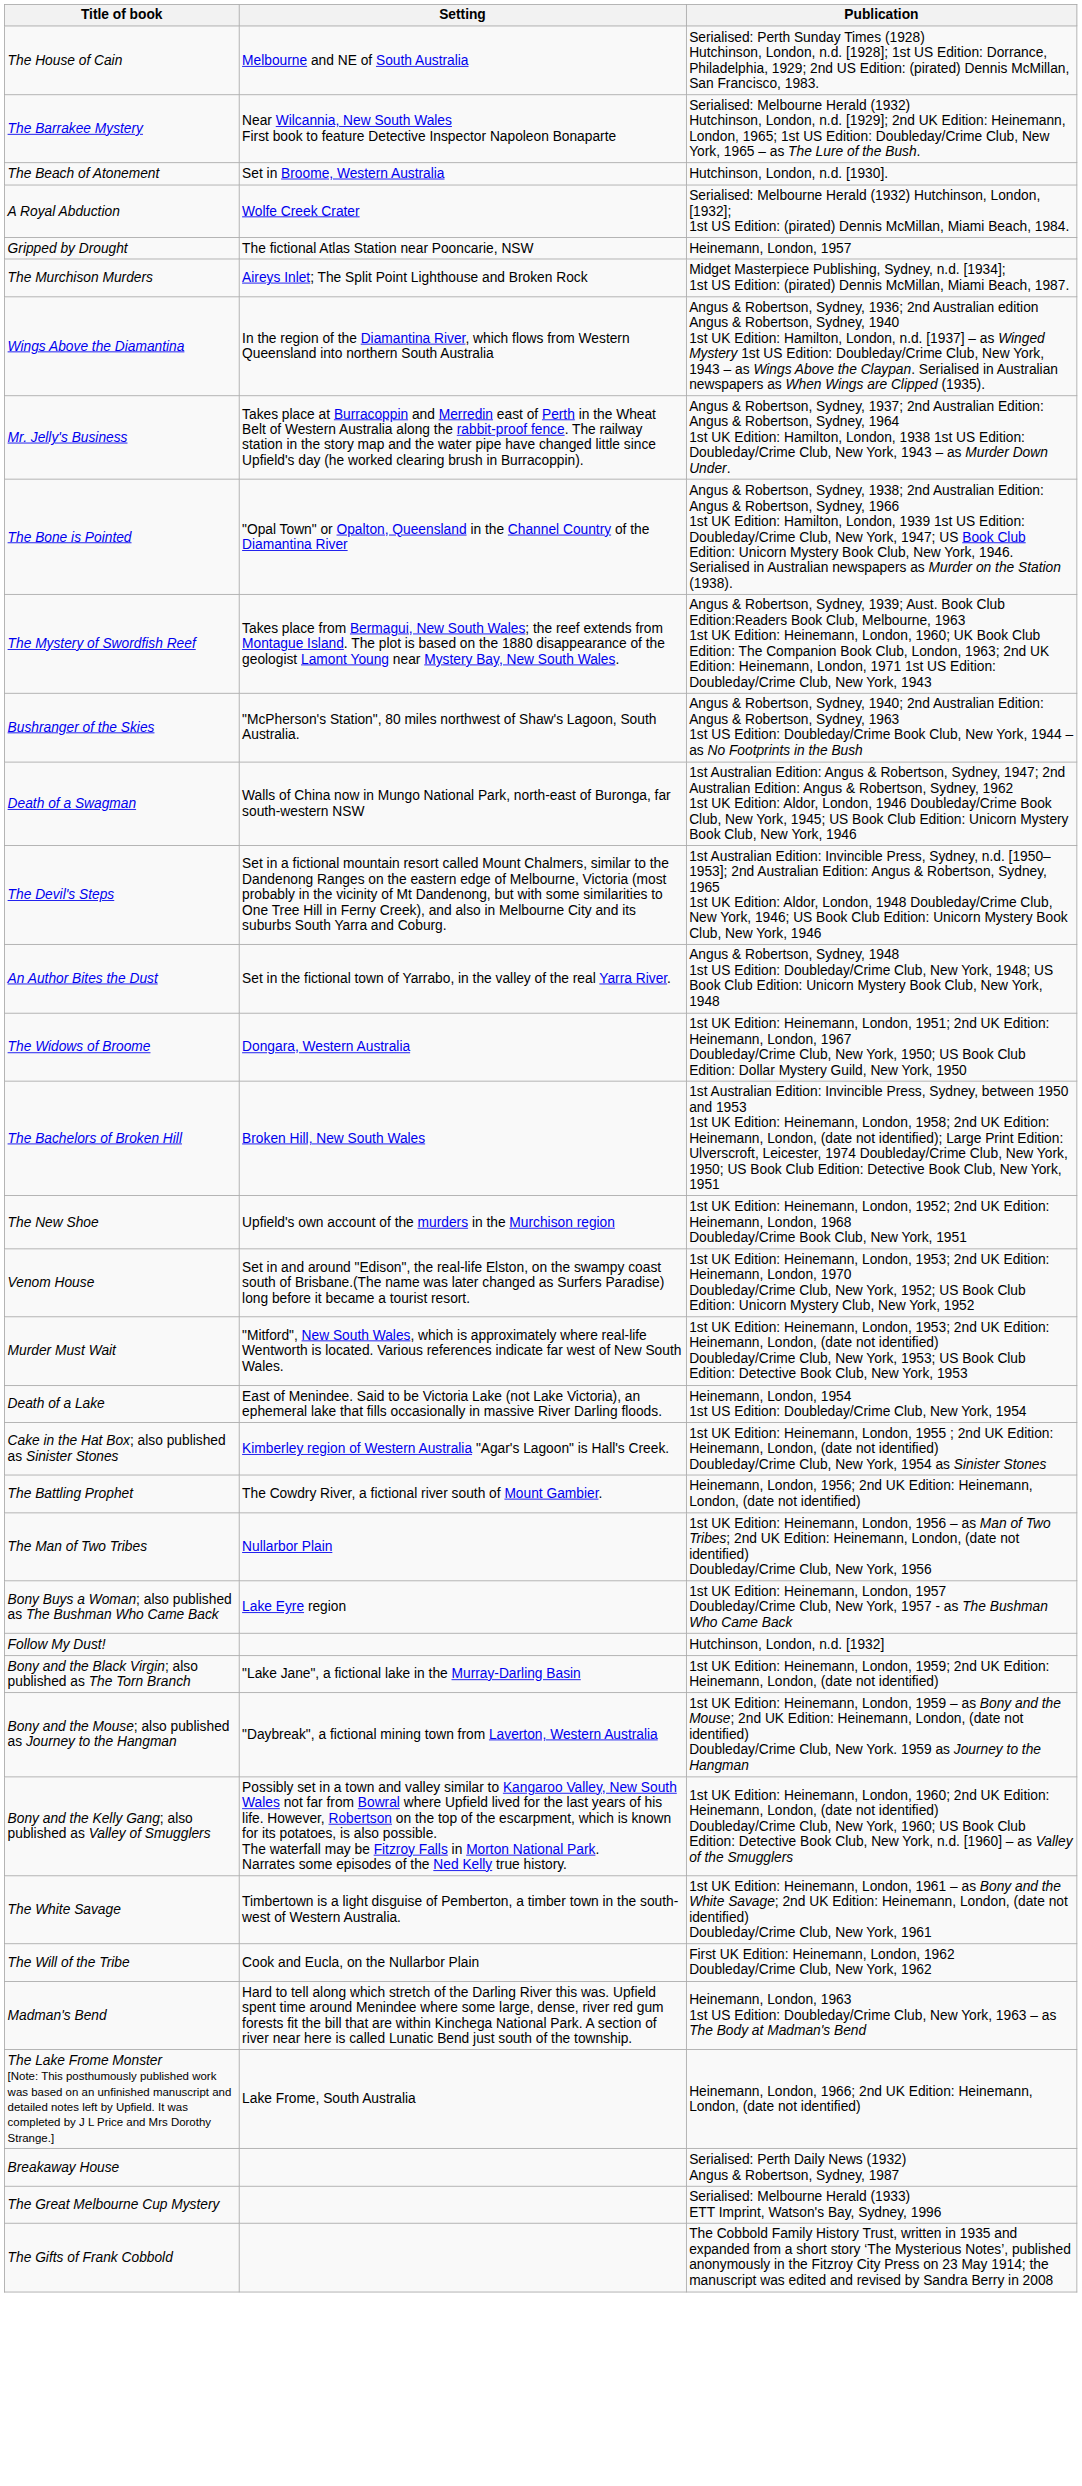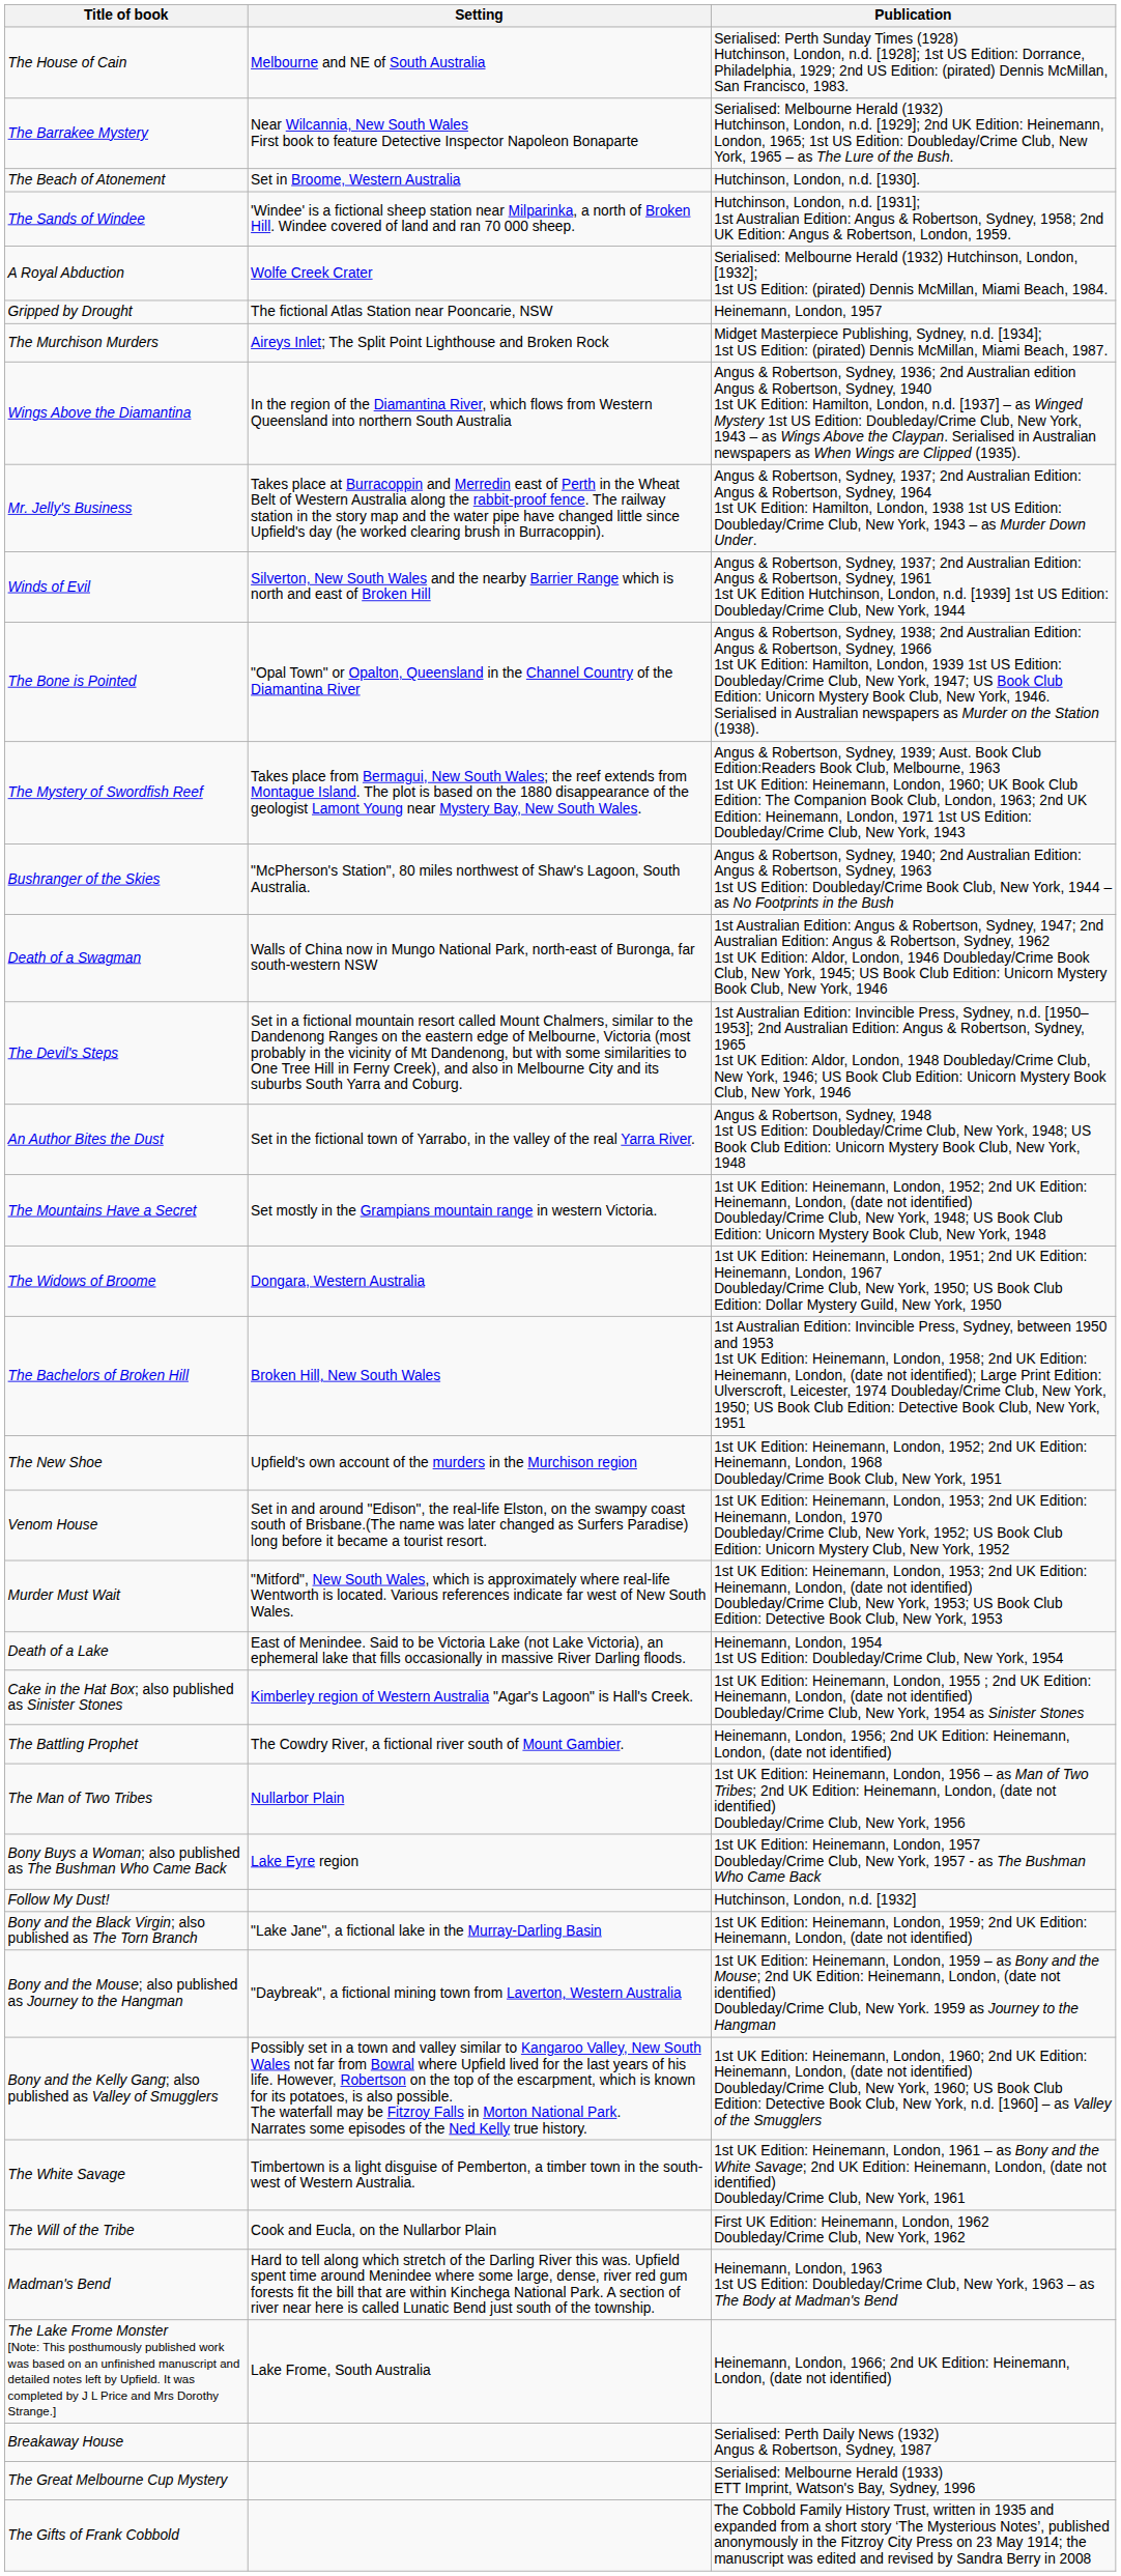 <table class="wikitable" border="1">
 <tr style="background:#efefef;">
 <th>Title of book</th>
 <th>Setting</th>
 <th>Publication </th>
 </tr>
 <tr>
 <td><em>The House of Cain</em></td>
 <td><a href='#'>Melbourne</a> and NE of <a href='#'>South Australia</a></td>
 <td>Serialised: Perth Sunday Times (1928)<br>Hutchinson, London, n.d. [1928]; 1st US Edition: Dorrance, Philadelphia, 1929; 2nd US Edition: (pirated) Dennis McMillan, San Francisco, 1983.</td>
 </tr>
 <tr>
 <td><em><a href='#'>The Barrakee Mystery</a></em></td>
 <td>Near <a href='#'>Wilcannia, New South Wales</a><br>First book to feature Detective Inspector Napoleon Bonaparte</td>
 <td>Serialised: Melbourne Herald (1932)<br>Hutchinson, London, n.d. [1929]; 2nd UK Edition: Heinemann, London, 1965; 1st US Edition: Doubleday/Crime Club, New York, 1965 – as <em>The Lure of the Bush</em>.</td>
 </tr>
 <tr>
 <td><em>The Beach of Atonement</em></td>
 <td>Set in <a href='#'>Broome, Western Australia</a></td>
 <td>Hutchinson, London, n.d. [1930].</td>
+</tr>
+<tr>
+<td><em><a href='#'>The Sands of Windee</a></em></td>
+<td>'Windee' is a fictional sheep station near <a href='#'>Milparinka</a>, a  north of <a href='#'>Broken Hill</a>. Windee covered  of land and ran 70 000 sheep.</td>
+<td>Hutchinson, London, n.d. [1931];<br>1st Australian Edition: Angus & Robertson, Sydney, 1958; 2nd UK Edition: Angus & Robertson, London, 1959.</td>
 </tr>
 <tr>
 <td><em>A Royal Abduction</em></td>
 <td><a href='#'>Wolfe Creek Crater</a></td>
 <td>Serialised: Melbourne Herald (1932) Hutchinson, London, [1932];<br>1st US Edition: (pirated) Dennis McMillan, Miami Beach, 1984.</td>
 </tr>
 <tr>
 <td><em>Gripped by Drought</em></td>
 <td>The fictional Atlas Station near Pooncarie, NSW</td>
 <td>Heinemann, London, 1957</td>
 </tr>
 <tr>
 <td><em>The Murchison Murders</em></td>
 <td><a href='#'>Aireys Inlet</a>; The Split Point Lighthouse and Broken Rock</td>
 <td>Midget Masterpiece Publishing, Sydney, n.d. [1934];<br>1st US Edition: (pirated) Dennis McMillan, Miami Beach, 1987.</td>
 </tr>
 <tr>
 <td><em><a href='#'>Wings Above the Diamantina</a></em></td>
 <td>In the region of the <a href='#'>Diamantina River</a>, which flows from Western Queensland into northern South Australia</td>
 <td>Angus & Robertson, Sydney, 1936; 2nd Australian edition Angus & Robertson, Sydney, 1940<br>1st UK Edition: Hamilton, London, n.d. [1937] – as <em>Winged Mystery</em> 1st US Edition: Doubleday/Crime Club, New York, 1943 – as <em>Wings Above the Claypan</em>. Serialised in Australian newspapers as <em>When Wings are Clipped</em> (1935).</td>
 </tr>
 <tr>
 <td><em><a href='#'>Mr. Jelly's Business</a></em></td>
 <td>Takes place at <a href='#'>Burracoppin</a> and <a href='#'>Merredin</a> east of <a href='#'>Perth</a> in the Wheat Belt of Western Australia along the <a href='#'>rabbit-proof fence</a>. The railway station in the story map and the water pipe have changed little since Upfield's day (he worked clearing brush in Burracoppin).</td>
 <td>Angus & Robertson, Sydney, 1937; 2nd Australian Edition: Angus & Robertson, Sydney, 1964<br>1st UK Edition: Hamilton, London, 1938 1st US Edition: Doubleday/Crime Club, New York, 1943 – as <em>Murder Down Under</em>.</td>
+</tr>
+<tr>
+<td><em><a href='#'>Winds of Evil</a></em></td>
+<td><a href='#'>Silverton, New South Wales</a> and the nearby <a href='#'>Barrier Range</a> which is north and east of <a href='#'>Broken Hill</a></td>
+<td>Angus & Robertson, Sydney, 1937; 2nd Australian Edition: Angus & Robertson, Sydney, 1961<br>1st UK Edition Hutchinson, London, n.d. [1939] 1st US Edition: Doubleday/Crime Club, New York, 1944</td>
 </tr>
 <tr>
 <td><em><a href='#'>The Bone is Pointed</a></em></td>
 <td>"Opal Town" or <a href='#'>Opalton, Queensland</a> in the <a href='#'>Channel Country</a> of the <a href='#'>Diamantina River</a></td>
 <td>Angus & Robertson, Sydney, 1938; 2nd Australian Edition: Angus & Robertson, Sydney, 1966<br>1st UK Edition: Hamilton, London, 1939 1st US Edition: Doubleday/Crime Club, New York, 1947; US <a href='#'>Book Club</a> Edition: Unicorn Mystery Book Club, New York, 1946. Serialised in Australian newspapers as <em>Murder on the Station</em> (1938).</td>
 </tr>
 <tr>
 <td><em><a href='#'>The Mystery of Swordfish Reef</a></em></td>
 <td>Takes place from <a href='#'>Bermagui, New South Wales</a>; the reef extends from <a href='#'>Montague Island</a>. The plot is based on the 1880 disappearance of the geologist <a href='#'>Lamont Young</a> near <a href='#'>Mystery Bay, New South Wales</a>.</td>
 <td>Angus & Robertson, Sydney, 1939; Aust. Book Club Edition:Readers Book Club, Melbourne, 1963<br>1st UK Edition: Heinemann, London, 1960; UK Book Club Edition: The Companion Book Club, London, 1963; 2nd UK Edition: Heinemann, London, 1971 1st US Edition: Doubleday/Crime Club, New York, 1943</td>
 </tr>
 <tr>
 <td><em><a href='#'>Bushranger of the Skies</a></em></td>
 <td>"McPherson's Station", 80 miles northwest of Shaw's Lagoon, South Australia.</td>
 <td>Angus & Robertson, Sydney, 1940; 2nd Australian Edition: Angus & Robertson, Sydney, 1963<br>1st US Edition: Doubleday/Crime Book Club, New York, 1944 – as <em>No Footprints in the Bush</em></td>
 </tr>
 <tr>
 <td><em><a href='#'>Death of a Swagman</a></em></td>
 <td>Walls of China now in Mungo National Park, north-east of Buronga, far south-western NSW</td>
 <td>1st Australian Edition: Angus & Robertson, Sydney, 1947; 2nd Australian Edition: Angus & Robertson, Sydney, 1962<br>1st UK Edition: Aldor, London, 1946 Doubleday/Crime Book Club, New York, 1945; US Book Club Edition: Unicorn Mystery Book Club, New York, 1946</td>
 </tr>
 <tr>
 <td><em><a href='#'>The Devil's Steps</a></em></td>
 <td>Set in a fictional mountain resort called Mount Chalmers, similar to the Dandenong Ranges on the eastern edge of Melbourne, Victoria (most probably in the vicinity of Mt Dandenong, but with some similarities to One Tree Hill in Ferny Creek), and also in Melbourne City and its suburbs South Yarra and Coburg.</td>
 <td>1st Australian Edition: Invincible Press, Sydney, n.d. [1950–1953]; 2nd Australian Edition: Angus & Robertson, Sydney, 1965<br>1st UK Edition: Aldor, London, 1948 Doubleday/Crime Club, New York, 1946; US Book Club Edition: Unicorn Mystery Book Club, New York, 1946</td>
 </tr>
 <tr>
 <td><em><a href='#'>An Author Bites the Dust</a></em></td>
 <td>Set in the fictional town of Yarrabo, in the valley of the real <a href='#'>Yarra River</a>.</td>
 <td>Angus & Robertson, Sydney, 1948<br>1st US Edition: Doubleday/Crime Club, New York, 1948; US Book Club Edition: Unicorn Mystery Book Club, New York, 1948</td>
+</tr>
+<tr>
+<td><em><a href='#'>The Mountains Have a Secret</a></em></td>
+<td>Set mostly in the <a href='#'>Grampians mountain range</a> in western Victoria.</td>
+<td>1st UK Edition: Heinemann, London, 1952; 2nd UK Edition: Heinemann, London, (date not identified)<br>Doubleday/Crime Club, New York, 1948; US Book Club Edition: Unicorn Mystery Book Club, New York, 1948</td>
 </tr>
 <tr>
 <td><em><a href='#'>The Widows of Broome</a></em></td>
 <td><a href='#'>Dongara, Western Australia</a></td>
 <td>1st UK Edition: Heinemann, London, 1951; 2nd UK Edition: Heinemann, London, 1967<br>Doubleday/Crime Club, New York, 1950; US Book Club Edition: Dollar Mystery Guild, New York, 1950</td>
 </tr>
 <tr>
 <td><em><a href='#'>The Bachelors of Broken Hill</a></em></td>
 <td><a href='#'>Broken Hill, New South Wales</a></td>
 <td>1st Australian Edition: Invincible Press, Sydney, between 1950 and 1953<br>1st UK Edition: Heinemann, London, 1958; 2nd UK Edition: Heinemann, London, (date not identified); Large Print Edition: Ulverscroft, Leicester, 1974 Doubleday/Crime Club, New York, 1950; US Book Club Edition: Detective Book Club, New York, 1951</td>
 </tr>
 <tr>
 <td><em>The New Shoe</em></td>
 <td>Upfield's own account of the <a href='#'>murders</a> in the <a href='#'>Murchison region</a></td>
 <td>1st UK Edition: Heinemann, London, 1952; 2nd UK Edition: Heinemann, London, 1968<br>Doubleday/Crime Book Club, New York, 1951</td>
 </tr>
 <tr>
 <td><em>Venom House</em></td>
 <td>Set in and around "Edison", the real-life Elston, on the swampy coast south of Brisbane.(The name was later changed as Surfers Paradise) long before it became a tourist resort.</td>
 <td>1st UK Edition: Heinemann, London, 1953; 2nd UK Edition: Heinemann, London, 1970<br>Doubleday/Crime Club, New York, 1952; US Book Club Edition: Unicorn Mystery Club, New York, 1952</td>
 </tr>
 <tr>
 <td><em>Murder Must Wait</em></td>
 <td>"Mitford", <a href='#'>New South Wales</a>, which is approximately where real-life Wentworth is located. Various references indicate far west of New South Wales.</td>
 <td>1st UK Edition: Heinemann, London, 1953; 2nd UK Edition: Heinemann, London, (date not identified)<br>Doubleday/Crime Club, New York, 1953; US Book Club Edition: Detective Book Club, New York, 1953</td>
 </tr>
 <tr>
 <td><em>Death of a Lake</em></td>
 <td>East of Menindee. Said to be Victoria Lake (not Lake Victoria), an ephemeral lake that fills occasionally in massive River Darling floods.</td>
 <td>Heinemann, London, 1954<br>1st US Edition: Doubleday/Crime Club, New York, 1954</td>
 </tr>
 <tr>
 <td><em>Cake in the Hat Box</em>; also published as <em>Sinister Stones</em></td>
 <td><a href='#'>Kimberley region of Western Australia</a> "Agar's Lagoon" is Hall's Creek.</td>
 <td>1st UK Edition: Heinemann, London, 1955 ; 2nd UK Edition: Heinemann, London, (date not identified)<br>Doubleday/Crime Club, New York, 1954 as <em>Sinister Stones</em></td>
 </tr>
 <tr>
 <td><em>The Battling Prophet</em></td>
 <td>The Cowdry River, a fictional river south of <a href='#'>Mount Gambier</a>.</td>
 <td>Heinemann, London, 1956; 2nd UK Edition: Heinemann, London, (date not identified)</td>
 </tr>
 <tr>
 <td><em>The Man of Two Tribes</em></td>
 <td><a href='#'>Nullarbor Plain</a></td>
 <td>1st UK Edition: Heinemann, London, 1956 – as <em>Man of Two Tribes</em>; 2nd UK Edition: Heinemann, London, (date not identified)<br>Doubleday/Crime Club, New York, 1956</td>
 </tr>
 <tr>
 <td><em>Bony Buys a Woman</em>; also published as <em>The Bushman Who Came Back</em></td>
 <td><a href='#'>Lake Eyre</a> region</td>
 <td>1st UK Edition: Heinemann, London, 1957<br>Doubleday/Crime Club, New York, 1957 - as <em>The Bushman Who Came Back</em></td>
 </tr>
 <tr>
 <td><em>Follow My Dust!</em></td>
 <td></td>
 <td>Hutchinson, London, n.d. [1932]</td>
 </tr>
 <tr>
 <td><em>Bony and the Black Virgin</em>; also published as <em>The Torn Branch</em></td>
 <td>"Lake Jane", a fictional lake in the <a href='#'>Murray-Darling Basin</a></td>
 <td>1st UK Edition: Heinemann, London, 1959; 2nd UK Edition: Heinemann, London, (date not identified)</td>
 </tr>
 <tr>
 <td><em>Bony and the Mouse</em>; also published as <em>Journey to the Hangman</em></td>
 <td>"Daybreak", a fictional mining town  from <a href='#'>Laverton, Western Australia</a></td>
 <td>1st UK Edition: Heinemann, London, 1959 – as <em>Bony and the Mouse</em>; 2nd UK Edition: Heinemann, London, (date not identified)<br>Doubleday/Crime Club, New York. 1959 as <em>Journey to the Hangman</em></td>
 </tr>
 <tr>
 <td><em>Bony and the Kelly Gang</em>; also published as <em>Valley of Smugglers</em></td>
 <td>Possibly set in a town and valley similar to <a href='#'>Kangaroo Valley, New South Wales</a> not far from <a href='#'>Bowral</a> where Upfield lived for the last years of his life. However, <a href='#'>Robertson</a> on the top of the escarpment, which is known for its potatoes, is also possible.<br>The waterfall may be <a href='#'>Fitzroy Falls</a> in <a href='#'>Morton National Park</a>.<br>Narrates some episodes of the <a href='#'>Ned Kelly</a> true history.</td>
 <td>1st UK Edition: Heinemann, London, 1960; 2nd UK Edition: Heinemann, London, (date not identified)<br>Doubleday/Crime Club, New York, 1960; US Book Club Edition: Detective Book Club, New York, n.d. [1960] – as <em>Valley of the Smugglers</em></td>
 </tr>
 <tr>
 <td><em>The White Savage</em></td>
 <td>Timbertown is a light disguise of Pemberton, a timber town in the south-west of Western Australia.</td>
 <td>1st UK Edition: Heinemann, London, 1961 – as <em>Bony and the White Savage</em>; 2nd UK Edition: Heinemann, London, (date not identified)<br>Doubleday/Crime Club, New York, 1961</td>
 </tr>
 <tr>
 <td><em>The Will of the Tribe</em></td>
 <td>Cook and Eucla, on the Nullarbor Plain</td>
 <td>First UK Edition: Heinemann, London, 1962<br>Doubleday/Crime Club, New York, 1962</td>
 </tr>
 <tr>
 <td><em>Madman's Bend</em></td>
 <td>Hard to tell along which stretch of the Darling River this was. Upfield spent time around Menindee where some large, dense, river red gum forests fit the bill that are within Kinchega National Park. A section of river near here is called Lunatic Bend just south of the township.</td>
 <td>Heinemann, London, 1963<br>1st US Edition: Doubleday/Crime Club, New York, 1963 – as <em>The Body at Madman's Bend</em></td>
 </tr>
 <tr>
 <td><em>The Lake Frome Monster</em><br><small>[Note: This posthumously published work was based on an unfinished manuscript and detailed notes left by Upfield. It was completed by J L Price and Mrs Dorothy Strange.]</small></td>
 <td>Lake Frome, South Australia</td>
 <td>Heinemann, London, 1966; 2nd UK Edition: Heinemann, London, (date not identified)</td>
 </tr>
 <tr>
 <td><em>Breakaway House</em></td>
 <td></td>
 <td>Serialised: Perth Daily News (1932)<br>Angus & Robertson, Sydney, 1987</td>
 </tr>
 <tr>
 <td><em>The Great Melbourne Cup Mystery</em></td>
 <td></td>
 <td>Serialised: Melbourne Herald (1933)<br>ETT Imprint, Watson's Bay, Sydney, 1996</td>
 </tr>
 <tr>
 <td><em>The Gifts of Frank Cobbold</em></td>
 <td></td>
 <td>The Cobbold Family History Trust, written in 1935 and expanded from a short story ‘The Mysterious Notes’, published anonymously in the Fitzroy City Press on 23 May 1914; the manuscript was edited and revised by Sandra Berry in 2008</td>
 </tr>
 </table>
